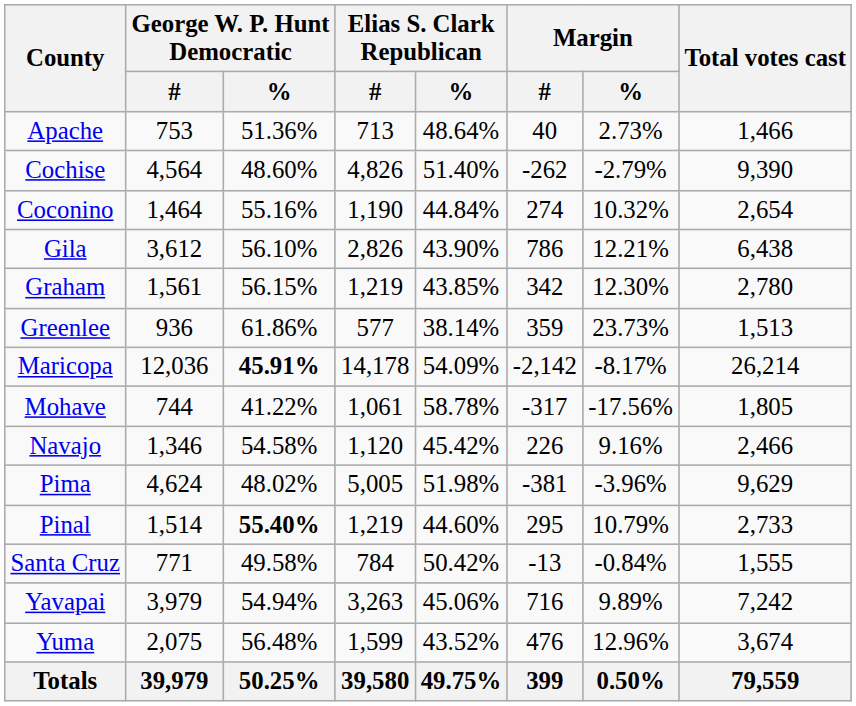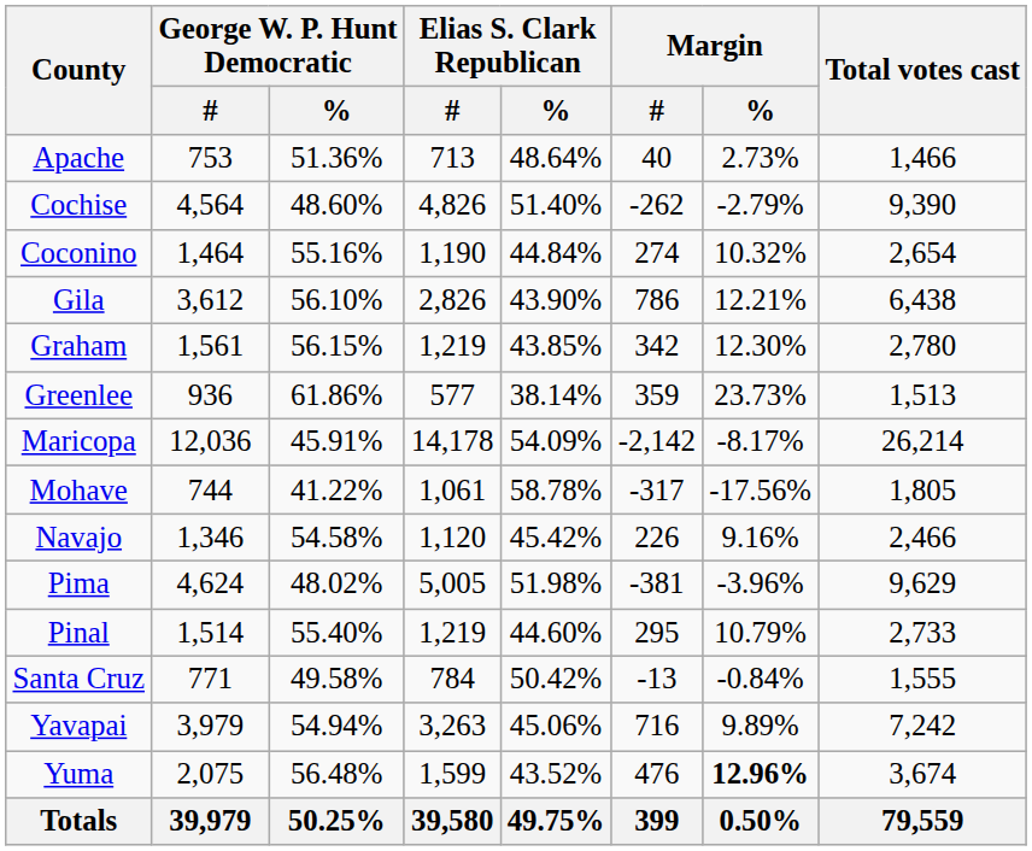 <table class="wikitable sortable" style="text-align:center">
 <tr>
 <th rowspan="2">County</th>
 <th style="text-align:center;" colspan="2">George W. P. Hunt<br>Democratic</th>
 <th style="text-align:center;" colspan="2">Elias S. Clark<br>Republican</th>
 <th style="text-align:center;" colspan="2">Margin</th>
 <th style="text-align:center;" rowspan="2">Total votes cast</th>
 </tr>
 <tr>
 <th style="text-align:center;" data-sort-type="number">#</th>
 <th style="text-align:center;" data-sort-type="number">%</th>
 <th style="text-align:center;" data-sort-type="number">#</th>
 <th style="text-align:center;" data-sort-type="number">%</th>
 <th style="text-align:center;" data-sort-type="number">#</th>
 <th style="text-align:center;" data-sort-type="number">%</th>
 </tr>
 <tr style="text-align:center;">
 <td><a href='#'>Apache</a></td>
 <td>753</td>
 <td>51.36%</td>
 <td>713</td>
 <td>48.64%</td>
 <td>40</td>
 <td>2.73%</td>
 <td>1,466</td>
 </tr>
 <tr style="text-align:center;">
 <td><a href='#'>Cochise</a></td>
 <td>4,564</td>
 <td>48.60%</td>
 <td>4,826</td>
 <td>51.40%</td>
 <td>-262</td>
 <td>-2.79%</td>
 <td>9,390</td>
 </tr>
 <tr style="text-align:center;">
 <td><a href='#'>Coconino</a></td>
 <td>1,464</td>
 <td>55.16%</td>
 <td>1,190</td>
 <td>44.84%</td>
 <td>274</td>
 <td>10.32%</td>
 <td>2,654</td>
 </tr>
 <tr style="text-align:center;">
 <td><a href='#'>Gila</a></td>
 <td>3,612</td>
 <td>56.10%</td>
 <td>2,826</td>
 <td>43.90%</td>
 <td>786</td>
 <td>12.21%</td>
 <td>6,438</td>
 </tr>
 <tr style="text-align:center;">
 <td><a href='#'>Graham</a></td>
 <td>1,561</td>
 <td>56.15%</td>
 <td>1,219</td>
 <td>43.85%</td>
 <td>342</td>
 <td>12.30%</td>
 <td>2,780</td>
 </tr>
 <tr style="text-align:center;">
 <td><a href='#'>Greenlee</a></td>
 <td>936</td>
 <td>61.86%</td>
 <td>577</td>
 <td>38.14%</td>
 <td>359</td>
 <td>23.73%</td>
 <td>1,513</td>
 </tr>
 <tr style="text-align:center;">
 <td><a href='#'>Maricopa</a></td>
 <td>12,036</td>
-<td><strong>45.91%</strong></td>
+<td>45.91%</td>
 <td>14,178</td>
 <td>54.09%</td>
 <td>-2,142</td>
 <td>-8.17%</td>
 <td>26,214</td>
 </tr>
 <tr style="text-align:center;">
 <td><a href='#'>Mohave</a></td>
 <td>744</td>
 <td>41.22%</td>
 <td>1,061</td>
 <td>58.78%</td>
 <td>-317</td>
 <td>-17.56%</td>
 <td>1,805</td>
 </tr>
 <tr style="text-align:center;">
 <td><a href='#'>Navajo</a></td>
 <td>1,346</td>
 <td>54.58%</td>
 <td>1,120</td>
 <td>45.42%</td>
 <td>226</td>
 <td>9.16%</td>
 <td>2,466</td>
 </tr>
 <tr style="text-align:center;">
 <td><a href='#'>Pima</a></td>
 <td>4,624</td>
 <td>48.02%</td>
 <td>5,005</td>
 <td>51.98%</td>
 <td>-381</td>
 <td>-3.96%</td>
 <td>9,629</td>
 </tr>
 <tr style="text-align:center;">
 <td><a href='#'>Pinal</a></td>
 <td>1,514</td>
-<td><strong>55.40%</strong></td>
+<td>55.40%</td>
 <td>1,219</td>
 <td>44.60%</td>
 <td>295</td>
 <td>10.79%</td>
 <td>2,733</td>
 </tr>
 <tr style="text-align:center;">
 <td><a href='#'>Santa Cruz</a></td>
 <td>771</td>
 <td>49.58%</td>
 <td>784</td>
 <td>50.42%</td>
 <td>-13</td>
 <td>-0.84%</td>
 <td>1,555</td>
 </tr>
 <tr style="text-align:center;">
 <td><a href='#'>Yavapai</a></td>
 <td>3,979</td>
 <td>54.94%</td>
 <td>3,263</td>
 <td>45.06%</td>
 <td>716</td>
 <td>9.89%</td>
 <td>7,242</td>
 </tr>
 <tr style="text-align:center;">
 <td><a href='#'>Yuma</a></td>
 <td>2,075</td>
 <td>56.48%</td>
 <td>1,599</td>
 <td>43.52%</td>
 <td>476</td>
-<td>12.96%</td>
+<td><strong>12.96%</strong></td>
 <td>3,674</td>
 </tr>
 <tr style="text-align:center;">
 <th>Totals</th>
 <th>39,979</th>
 <th>50.25%</th>
 <th>39,580</th>
 <th>49.75%</th>
 <th>399</th>
 <th>0.50%</th>
 <th>79,559</th>
 </tr>
 </table>
